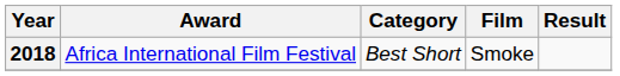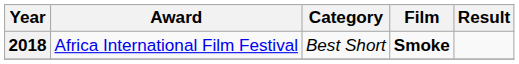 <table class="wikitable sortable">
 <tr>
 <th>Year</th>
 <th>Award</th>
 <th>Category</th>
 <th>Film</th>
 <th>Result</th>
 </tr>
 <tr>
 <th scope="row">2018</th>
 <td><a href='#'>Africa International Film Festival</a></td>
 <td><em>Best Short</em></td>
-<td>Smoke </td>
+<td><strong>Smoke </strong></td>
 <td></td>
 </tr>
 <tr>
 </tr>
 </table>
